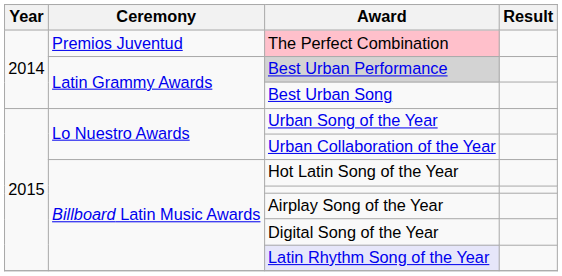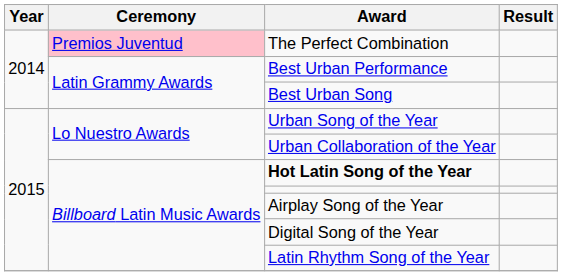 <table class="wikitable">
 <tr>
 <th>Year</th>
 <th>Ceremony</th>
 <th>Award</th>
 <th>Result</th>
 </tr>
 <tr>
 <td rowspan=3>2014</td>
-<td><a href='#'>Premios Juventud</a></td>
-<td style="background: pink;">The Perfect Combination</td>
+<td style="background: pink;"><a href='#'>Premios Juventud</a></td>
+<td>The Perfect Combination</td>
 <td></td>
 </tr>
 <tr>
 <td rowspan=2><a href='#'>Latin Grammy Awards</a></td>
-<td style="background: lightgrey;"><a href='#'>Best Urban Performance</a></td>
+<td><a href='#'>Best Urban Performance</a></td>
 <td></td>
 </tr>
 <tr>
 <td><a href='#'>Best Urban Song</a></td>
 <td></td>
 </tr>
 <tr>
 <td rowspan=7>2015</td>
 <td rowspan=2><a href='#'>Lo Nuestro Awards</a></td>
 <td><a href='#'>Urban Song of the Year</a></td>
 <td></td>
 </tr>
 <tr>
 <td><a href='#'>Urban Collaboration of the Year</a></td>
 <td></td>
 </tr>
 <tr>
 <td rowspan=5><a href='#'><em>Billboard</em> Latin Music Awards</a></td>
-<td>Hot Latin Song of the Year</td>
+<td><strong>Hot Latin Song of the Year</strong></td>
 <td></td>
 </tr>
 <tr>
 <td></td>
 <td></td>
 </tr>
 <tr>
 <td>Airplay Song of the Year</td>
 <td></td>
 </tr>
 <tr>
 <td>Digital Song of the Year</td>
 <td></td>
 </tr>
 <tr>
-<td style="background: lavender;"><a href='#'>Latin Rhythm Song of the Year</a></td>
+<td><a href='#'>Latin Rhythm Song of the Year</a></td>
 <td></td>
 </tr>
 <tr>
 </tr>
 </table>
